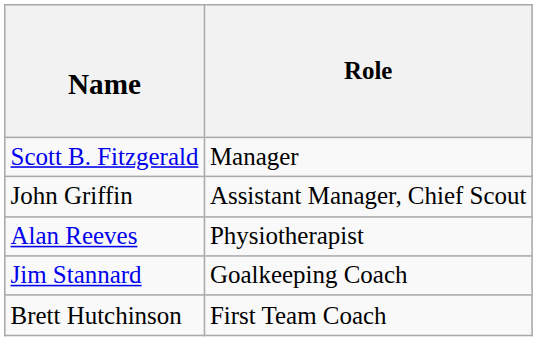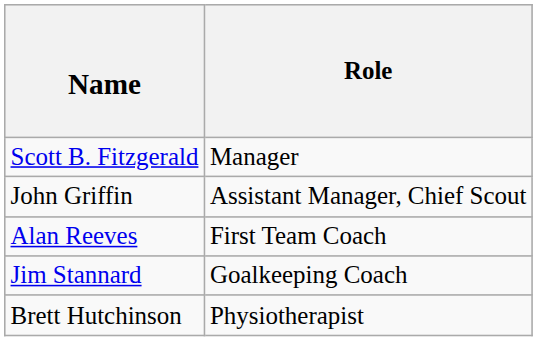 <table class="wikitable">
 <tr>
 <th><br><h3>Name</h3></th>
 <th>Role</th>
 </tr>
 <tr>
 <td> <a href='#'>Scott B. Fitzgerald</a></td>
 <td>Manager</td>
 </tr>
 <tr>
 <td> John Griffin</td>
 <td>Assistant Manager, Chief Scout</td>
 </tr>
 <tr>
 <td> <a href='#'>Alan Reeves</a></td>
-<td>Physiotherapist</td>
+<td>First Team Coach</td>
 </tr>
 <tr>
 <td> <a href='#'>Jim Stannard</a></td>
 <td>Goalkeeping Coach</td>
 </tr>
 <tr>
 <td> Brett Hutchinson</td>
-<td>First Team Coach</td>
+<td>Physiotherapist</td>
 </tr>
 </table>
